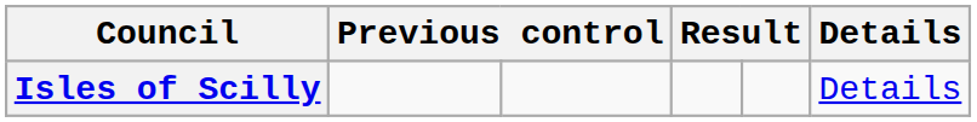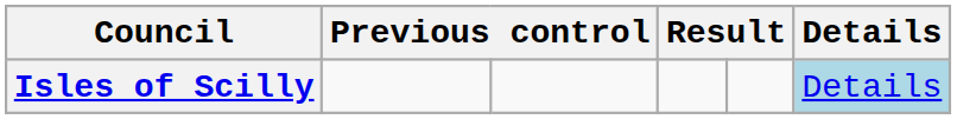 <table class="wikitable sortable" border="1">
 <tr>
 <th scope="col">Council</th>
 <th colspan=2>Previous control</th>
 <th colspan=2>Result</th>
 <th class="unsortable" scope="col">Details</th>
 </tr>
 <tr>
 <th scope="row" style="text-align: left;"><a href='#'>Isles of Scilly</a></th>
 <td></td>
 <td></td>
 <td></td>
 <td></td>
-<td><a href='#'>Details</a></td>
+<td style="background: lightblue;"><a href='#'>Details</a></td>
 </tr>
 </table>
